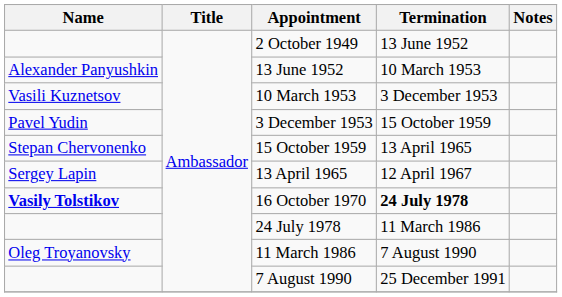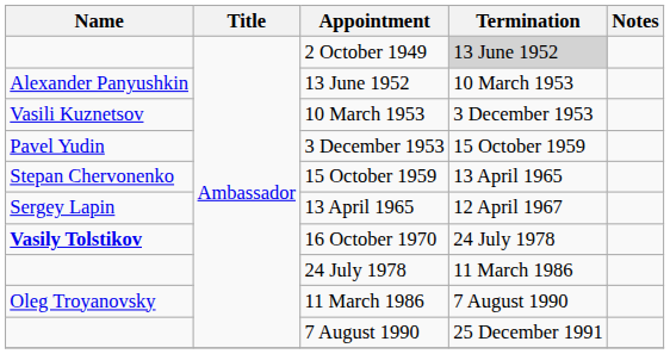 <table class="wikitable">
 <tr valign="middle">
 <th>Name</th>
 <th>Title</th>
 <th>Appointment</th>
 <th>Termination</th>
 <th>Notes</th>
 </tr>
 <tr>
 <td></td>
 <td rowspan="10"><a href='#'>Ambassador</a></td>
 <td>2 October 1949</td>
-<td>13 June 1952</td>
+<td style="background: lightgrey;">13 June 1952</td>
 <td></td>
 </tr>
 <tr>
 <td><a href='#'>Alexander Panyushkin</a></td>
 <td>13 June 1952</td>
 <td>10 March 1953</td>
 <td></td>
 </tr>
 <tr>
 <td><a href='#'>Vasili Kuznetsov</a></td>
 <td>10 March 1953</td>
 <td>3 December 1953</td>
 <td></td>
 </tr>
 <tr>
 <td><a href='#'>Pavel Yudin</a></td>
 <td>3 December 1953</td>
 <td>15 October 1959</td>
 <td></td>
 </tr>
 <tr>
 <td><a href='#'>Stepan Chervonenko</a></td>
 <td>15 October 1959</td>
 <td>13 April 1965</td>
 <td></td>
 </tr>
 <tr>
 <td><a href='#'>Sergey Lapin</a></td>
 <td>13 April 1965</td>
 <td>12 April 1967</td>
 <td></td>
 </tr>
 <tr>
 <td><strong><a href='#'>Vasily Tolstikov</a></strong></td>
 <td>16 October 1970</td>
-<td><strong>24 July 1978</strong></td>
+<td>24 July 1978</td>
 <td></td>
 </tr>
 <tr>
 <td></td>
 <td>24 July 1978</td>
 <td>11 March 1986</td>
 <td></td>
 </tr>
 <tr>
 <td><a href='#'>Oleg Troyanovsky</a></td>
 <td>11 March 1986</td>
 <td>7 August 1990</td>
 <td></td>
 </tr>
 <tr>
 <td></td>
 <td>7 August 1990</td>
 <td>25 December 1991</td>
 <td></td>
 </tr>
 <tr>
 </tr>
 </table>
